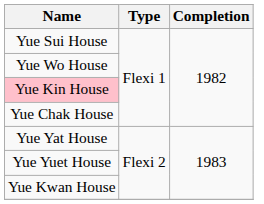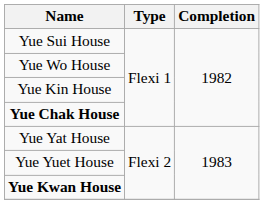 <table class="wikitable" style="text-align: center">
 <tr>
 <th>Name</th>
 <th>Type</th>
 <th>Completion</th>
 </tr>
 <tr>
 <td>Yue Sui House</td>
 <td rowspan="4">Flexi 1</td>
 <td rowspan="4">1982</td>
 </tr>
 <tr>
 <td>Yue Wo House</td>
 </tr>
 <tr>
-<td style="background: pink;">Yue Kin House</td>
+<td>Yue Kin House</td>
 </tr>
 <tr>
-<td>Yue Chak House</td>
+<td><strong>Yue Chak House</strong></td>
 </tr>
 <tr>
 <td>Yue Yat House</td>
 <td rowspan="3">Flexi 2</td>
 <td rowspan="3">1983</td>
 </tr>
 <tr>
 <td>Yue Yuet House</td>
 </tr>
 <tr>
-<td>Yue Kwan House</td>
+<td><strong>Yue Kwan House</strong></td>
 </tr>
 <tr>
 </tr>
 </table>
